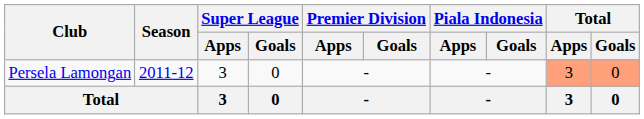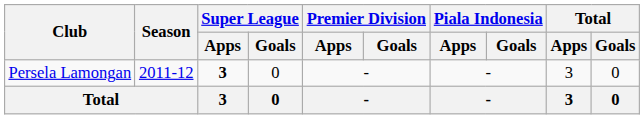 <table class="wikitable" style="font-size:90%; text-align:center;">
 <tr>
 <th rowspan="2">Club</th>
 <th rowspan="2">Season</th>
 <th colspan="2"><a href='#'>Super League</a></th>
 <th colspan="2"><a href='#'>Premier Division</a></th>
 <th colspan="2"><a href='#'>Piala Indonesia</a></th>
 <th colspan="2">Total</th>
 </tr>
 <tr>
 <th>Apps</th>
 <th>Goals</th>
 <th>Apps</th>
 <th>Goals</th>
 <th>Apps</th>
 <th>Goals</th>
 <th>Apps</th>
 <th>Goals</th>
 </tr>
 <tr>
 <td rowspan="1"><a href='#'>Persela Lamongan</a></td>
 <td><a href='#'>2011-12</a></td>
-<td>3</td>
+<td><strong>3</strong></td>
 <td>0</td>
 <td colspan="2">-</td>
 <td colspan="2">-</td>
-<td style="background: lightsalmon;">3</td>
-<td style="background: lightsalmon;">0</td>
+<td>3</td>
+<td>0</td>
 </tr>
 <tr>
 <th colspan="2">Total</th>
 <th>3</th>
 <th>0</th>
 <th colspan="2">-</th>
 <th colspan="2">-</th>
 <th>3</th>
 <th>0</th>
 </tr>
 </table>
